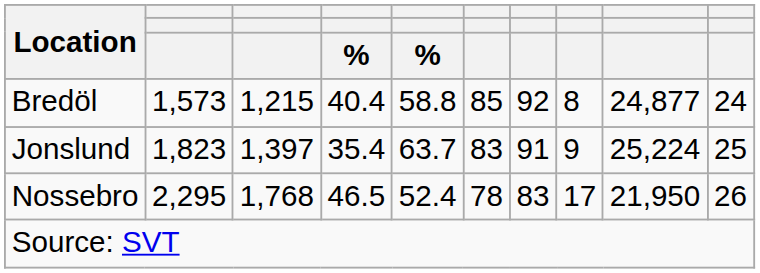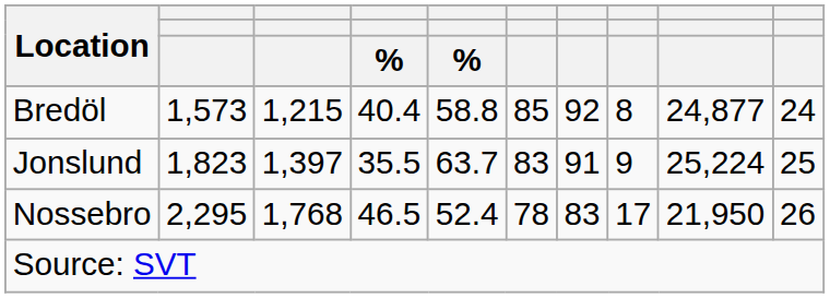 <table role="presentation" class="wikitable sortable mw-collapsible">
 <tr>
 <th rowspan="3">Location</th>
 <th></th>
 <th></th>
 <th></th>
 <th></th>
 <th></th>
 <th></th>
 <th></th>
 <th></th>
 <th></th>
 </tr>
 <tr>
 <th></th>
 <th></th>
 <th style="background:"></th>
 <th style="background:"></th>
 <th></th>
 <th></th>
 <th></th>
 <th></th>
 <th></th>
 </tr>
 <tr>
 <th data-sort-type="number"></th>
 <th data-sort-type="number"></th>
 <th data-sort-type="number">%</th>
 <th data-sort-type="number">%</th>
 <th data-sort-type="number"></th>
 <th data-sort-type="number"></th>
 <th data-sort-type="number"></th>
 <th data-sort-type="number"></th>
 <th data-sort-type="number"></th>
 </tr>
 <tr>
 <td align="left">Bredöl</td>
 <td>1,573</td>
 <td>1,215</td>
 <td>40.4</td>
 <td>58.8</td>
 <td>85</td>
 <td>92</td>
 <td>8</td>
 <td>24,877</td>
 <td>24</td>
 </tr>
 <tr>
 <td align="left">Jonslund</td>
 <td>1,823</td>
 <td>1,397</td>
-<td>35.4</td>
+<td>35.5</td>
 <td>63.7</td>
 <td>83</td>
 <td>91</td>
 <td>9</td>
 <td>25,224</td>
 <td>25</td>
 </tr>
 <tr>
 <td align="left">Nossebro</td>
 <td>2,295</td>
 <td>1,768</td>
 <td>46.5</td>
 <td>52.4</td>
 <td>78</td>
 <td>83</td>
 <td>17</td>
 <td>21,950</td>
 <td>26</td>
 </tr>
 <tr>
 <td colspan="10" align="left">Source: <a href='#'>SVT</a></td>
 </tr>
 </table>
